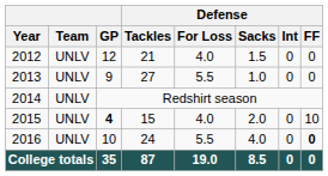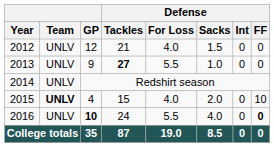 <table class="wikitable" style="text-align:center;">
 <tr>
 <th colspan=3></th>
 <th colspan=5>Defense</th>
 </tr>
 <tr>
 <th>Year</th>
 <th>Team</th>
 <th>GP</th>
 <th>Tackles</th>
 <th>For Loss</th>
 <th>Sacks</th>
 <th>Int</th>
 <th>FF</th>
 </tr>
 <tr>
 <td>2012</td>
 <td>UNLV</td>
 <td>12</td>
 <td>21</td>
 <td>4.0</td>
 <td>1.5</td>
 <td>0</td>
 <td>0</td>
 </tr>
 <tr>
 <td>2013</td>
 <td>UNLV</td>
 <td>9</td>
-<td>27</td>
+<td><strong>27</strong></td>
 <td>5.5</td>
 <td>1.0</td>
 <td>0</td>
 <td>0</td>
 </tr>
 <tr>
 <td>2014</td>
 <td>UNLV</td>
 <td colspan="6">Redshirt season</td>
 </tr>
 <tr>
 <td>2015</td>
-<td>UNLV</td>
-<td><strong>4</strong></td>
+<td><strong>UNLV</strong></td>
+<td>4</td>
 <td>15</td>
 <td>4.0</td>
 <td>2.0</td>
 <td>0</td>
 <td>10</td>
 </tr>
 <tr>
 <td>2016</td>
 <td>UNLV</td>
-<td>10</td>
+<td><strong>10</strong></td>
 <td>24</td>
 <td>5.5</td>
 <td>4.0</td>
 <td>0</td>
 <td><strong>0</strong></td>
 </tr>
 <tr style="background:#255; font-weight:bold; color:white;">
 <td colspan=2>College totals</td>
 <td>35</td>
 <td>87</td>
 <td>19.0</td>
 <td>8.5</td>
 <td>0</td>
 <td>0</td>
 </tr>
 </table>
